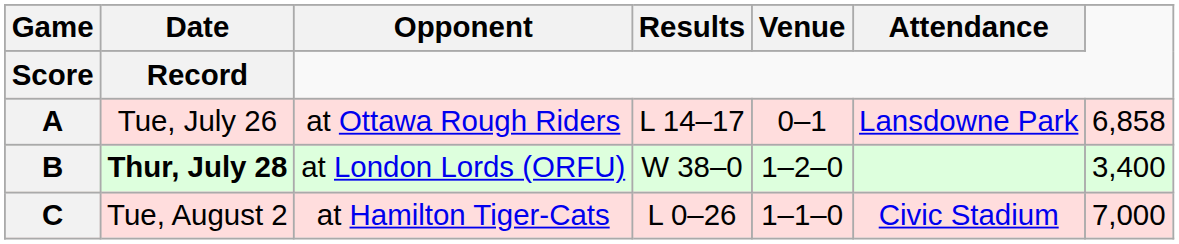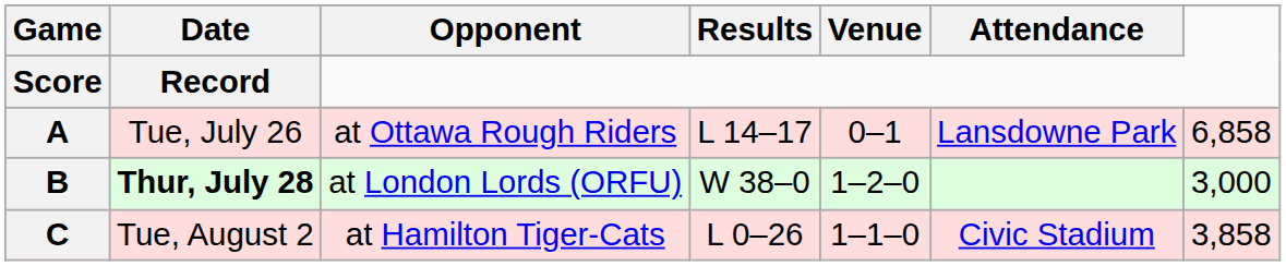 <table class="wikitable" style="text-align:center">
 <tr>
 <th>Game</th>
 <th>Date</th>
 <th>Opponent</th>
 <th>Results</th>
 <th>Venue</th>
 <th>Attendance</th>
 </tr>
 <tr>
 <th>Score</th>
 <th>Record</th>
 </tr>
 <tr style="background:#ffdddd">
 <th>A</th>
 <td>Tue, July 26</td>
 <td>at <a href='#'>Ottawa Rough Riders</a></td>
 <td>L 14–17</td>
 <td>0–1</td>
 <td><a href='#'>Lansdowne Park</a></td>
 <td>6,858</td>
 </tr>
 <tr style="background:#ddffdd">
 <th>B</th>
 <td><strong>Thur, July 28</strong></td>
 <td>at <a href='#'>London Lords (ORFU)</a></td>
 <td>W 38–0</td>
 <td>1–2–0</td>
 <td></td>
-<td>3,400</td>
+<td>3,000</td>
 </tr>
 <tr style="background:#ffdddd">
 <th>C</th>
 <td>Tue, August 2</td>
 <td>at <a href='#'>Hamilton Tiger-Cats</a></td>
 <td>L 0–26</td>
 <td>1–1–0</td>
 <td><a href='#'>Civic Stadium</a></td>
-<td>7,000</td>
+<td>3,858</td>
 </tr>
 </table>
